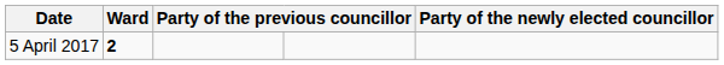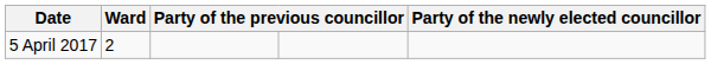 <table class="wikitable">
 <tr>
 <th>Date</th>
 <th>Ward</th>
 <th colspan=2>Party of the previous councillor</th>
 <th colspan=2>Party of the newly elected councillor</th>
 </tr>
 <tr>
 <td>5 April 2017</td>
-<td><strong>2</strong></td>
+<td>2</td>
 <td></td>
 <td></td>
 </tr>
 </table>
